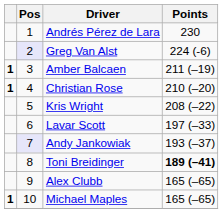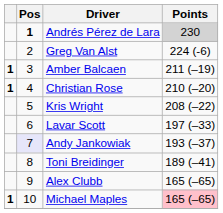 <table class="wikitable" style="font-size: 95%;">
 <tr>
 <th></th>
 <th>Pos</th>
 <th>Driver</th>
 <th>Points</th>
 </tr>
 <tr>
 <td align="left"></td>
-<td style="text-align:center;">1</td>
+<td style="text-align:center;"><strong>1</strong></td>
 <td><a href='#'>Andrés Pérez de Lara</a></td>
-<td style="text-align:center;">230</td>
+<td style="background: lightgrey; text-align:center;">230</td>
 </tr>
 <tr>
 <td align="left"></td>
-<td style="background: lavender; text-align:center;">2</td>
+<td style="text-align:center;">2</td>
 <td><a href='#'>Greg Van Alst</a></td>
 <td style="text-align:center;">224 (-6)</td>
 </tr>
 <tr>
 <td align="left"> <strong>1</strong></td>
 <td style="text-align:center;">3</td>
 <td><a href='#'>Amber Balcaen</a></td>
 <td style="text-align:center;">211 (–19)</td>
 </tr>
 <tr>
 <td align="left"> <strong>1</strong></td>
 <td style="text-align:center;">4</td>
 <td><a href='#'>Christian Rose</a></td>
 <td style="text-align:center;">210 (–20)</td>
 </tr>
 <tr>
 <td align="left"></td>
 <td style="text-align:center;">5</td>
 <td><a href='#'>Kris Wright</a></td>
 <td style="text-align:center;">208 (–22)</td>
 </tr>
 <tr>
 <td align="left"></td>
 <td style="text-align:center;">6</td>
 <td><a href='#'>Lavar Scott</a></td>
 <td style="text-align:center;">197 (–33)</td>
 </tr>
 <tr>
 <td align="left"></td>
 <td style="background: lavender; text-align:center;">7</td>
 <td><a href='#'>Andy Jankowiak</a></td>
 <td style="text-align:center;">193 (–37)</td>
 </tr>
 <tr>
 <td align="left"></td>
 <td style="text-align:center;">8</td>
 <td><a href='#'>Toni Breidinger</a></td>
-<td style="text-align:center;"><strong>189 (–41)</strong></td>
+<td style="text-align:center;">189 (–41)</td>
 </tr>
 <tr>
 <td align="left"></td>
 <td style="text-align:center;">9</td>
 <td><a href='#'>Alex Clubb</a></td>
 <td style="text-align:center;">165 (–65)</td>
 </tr>
 <tr>
 <td align="left"> <strong>1</strong></td>
 <td style="text-align:center;">10</td>
 <td><a href='#'>Michael Maples</a></td>
-<td style="text-align:center;">165 (–65)</td>
+<td style="background: pink; text-align:center;">165 (–65)</td>
 </tr>
 <tr class="sortbottom">
 </tr>
 </table>
